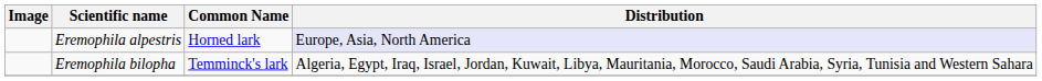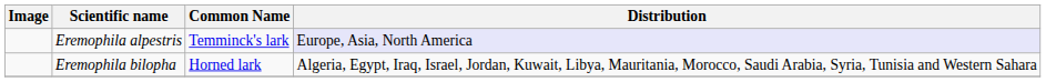 <table class="wikitable">
 <tr>
 <th>Image</th>
 <th>Scientific name</th>
 <th>Common Name</th>
 <th>Distribution</th>
 </tr>
 <tr>
 <td></td>
 <td><em>Eremophila alpestris</em></td>
-<td><a href='#'>Horned lark</a></td>
+<td><a href='#'>Temminck's lark</a></td>
 <td style="background: lavender;">Europe, Asia, North America</td>
 </tr>
 <tr>
 <td></td>
 <td><em>Eremophila bilopha</em></td>
-<td><a href='#'>Temminck's lark</a></td>
+<td><a href='#'>Horned lark</a></td>
 <td>Algeria, Egypt, Iraq, Israel, Jordan, Kuwait, Libya, Mauritania, Morocco, Saudi Arabia, Syria, Tunisia and Western Sahara</td>
 </tr>
 <tr>
 </tr>
 </table>
